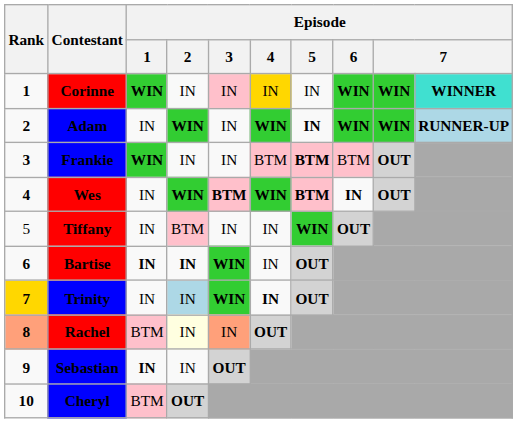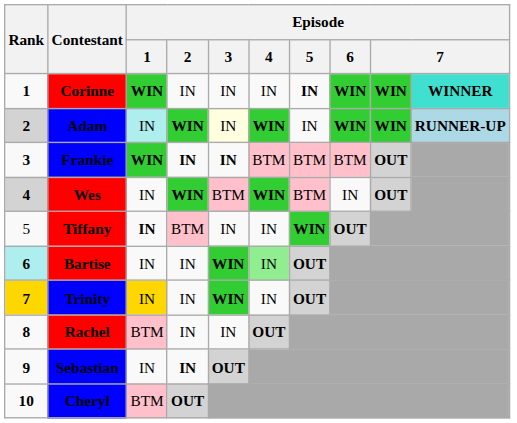 <table class="wikitable" style="text-align: center; font-size: 8.5pt; line-height:20px;">
 <tr>
 <th rowspan="2">Rank</th>
 <th rowspan="2">Contestant</th>
 <th colspan="8">Episode</th>
 </tr>
 <tr>
 <th>1</th>
 <th>2</th>
 <th>3</th>
 <th>4</th>
 <th>5</th>
 <th>6</th>
 <th colspan="2">7</th>
 </tr>
 <tr>
 <td><strong>1</strong></td>
 <td style="background:red"><span><strong>Corinne</strong></span></td>
 <td style="background:limegreen;"><strong>WIN</strong></td>
 <td>IN</td>
-<td style="background: pink;">IN</td>
-<td style="background: gold;">IN</td>
 <td>IN</td>
+<td>IN</td>
+<td><strong>IN</strong></td>
 <td style="background:limegreen;"><strong>WIN</strong></td>
 <td style="background:limegreen;"><strong>WIN</strong></td>
 <td style="background:turquoise"><strong>WINNER</strong></td>
 </tr>
 <tr>
-<td><strong>2</strong></td>
+<td style="background: lightgrey;"><strong>2</strong></td>
 <td style="background:blue"><span><strong>Adam</strong></span></td>
-<td>IN</td>
+<td style="background: paleturquoise;">IN</td>
+<td style="background:limegreen;"><strong>WIN</strong></td>
+<td style="background: lightyellow;">IN</td>
 <td style="background:limegreen;"><strong>WIN</strong></td>
 <td>IN</td>
-<td style="background:limegreen;"><strong>WIN</strong></td>
-<td><strong>IN</strong></td>
 <td style="background:limegreen;"><strong>WIN</strong></td>
 <td style="background:limegreen;"><strong>WIN</strong></td>
 <td style="background:lightblue"><strong>RUNNER-UP</strong></td>
 </tr>
 <tr>
 <td><strong>3</strong></td>
 <td style="background:blue"><span><strong>Frankie</strong></span></td>
 <td style="background:limegreen;"><strong>WIN</strong></td>
-<td>IN</td>
-<td>IN</td>
+<td><strong>IN</strong></td>
+<td><strong>IN</strong></td>
 <td style="background:pink;">BTM</td>
-<td style="background:pink;"><strong>BTM</strong></td>
+<td style="background:pink;">BTM</td>
 <td style="background:pink;">BTM</td>
 <td style="background:lightgray;"><strong>OUT</strong></td>
 <td style="background:darkgrey;"></td>
 </tr>
 <tr>
-<td><strong>4</strong></td>
+<td style="background: lightgrey;"><strong>4</strong></td>
 <td style="background:red"><span><strong>Wes</strong></span></td>
 <td>IN</td>
 <td style="background:limegreen;"><strong>WIN</strong></td>
-<td style="background:pink;"><strong>BTM</strong></td>
+<td style="background:pink;">BTM</td>
 <td style="background:limegreen;"><strong>WIN</strong></td>
-<td style="background:pink;"><strong>BTM</strong></td>
-<td><strong>IN</strong></td>
+<td style="background:pink;">BTM</td>
+<td>IN</td>
 <td style="background:lightgray;"><strong>OUT</strong></td>
 <td style="background:darkgrey;"></td>
 </tr>
 <tr>
 <td>5</td>
 <td style="background:red"><span><strong>Tiffany</strong></span></td>
-<td>IN</td>
+<td><strong>IN</strong></td>
 <td style="background:pink;">BTM</td>
 <td>IN</td>
 <td>IN</td>
 <td style="background:limegreen;"><strong>WIN</strong></td>
 <td style="background:lightgray;"><strong>OUT</strong></td>
 <td colspan="2" style="background:darkgrey;"></td>
 </tr>
 <tr>
-<td><strong>6</strong></td>
+<td style="background: paleturquoise;"><strong>6</strong></td>
 <td style="background:red"><span><strong>Bartise</strong></span></td>
-<td><strong>IN</strong></td>
-<td><strong>IN</strong></td>
+<td>IN</td>
+<td>IN</td>
+<td style="background:limegreen;"><strong>WIN</strong></td>
+<td style="background: lightgreen;">IN</td>
+<td style="background:lightgray;"><strong>OUT</strong></td>
+<td colspan="3" style="background:darkgrey;"></td>
+</tr>
+<tr>
+<td style="background: gold;"><strong>7</strong></td>
+<td style="background:blue"><span><strong>Trinity</strong></span></td>
+<td style="background: gold;">IN</td>
+<td>IN</td>
 <td style="background:limegreen;"><strong>WIN</strong></td>
 <td>IN</td>
 <td style="background:lightgray;"><strong>OUT</strong></td>
 <td colspan="3" style="background:darkgrey;"></td>
 </tr>
 <tr>
-<td style="background: gold;"><strong>7</strong></td>
-<td style="background:blue"><span><strong>Trinity</strong></span></td>
-<td>IN</td>
-<td style="background: lightblue;">IN</td>
-<td style="background:limegreen;"><strong>WIN</strong></td>
-<td><strong>IN</strong></td>
-<td style="background:lightgray;"><strong>OUT</strong></td>
-<td colspan="3" style="background:darkgrey;"></td>
-</tr>
-<tr>
-<td style="background: lightsalmon;"><strong>8</strong></td>
+<td><strong>8</strong></td>
 <td style="background:red"><span><strong>Rachel</strong></span></td>
 <td style="background:pink;">BTM</td>
-<td style="background: lightyellow;">IN</td>
-<td style="background: lightsalmon;">IN</td>
+<td>IN</td>
+<td>IN</td>
 <td style="background:lightgray;"><strong>OUT</strong></td>
 <td colspan="4" style="background:darkgrey;"></td>
 </tr>
 <tr>
 <td><strong>9</strong></td>
 <td style="background:blue"><span><strong>Sebastian</strong></span></td>
+<td>IN</td>
 <td><strong>IN</strong></td>
-<td>IN</td>
 <td style="background:lightgray;"><strong>OUT</strong></td>
 <td colspan="5" style="background:darkgrey;"></td>
 </tr>
 <tr>
 <td><strong>10</strong></td>
 <td style="background:blue"><span><strong>Cheryl</strong></span></td>
 <td style="background:pink;">BTM</td>
 <td style="background:lightgray;"><strong>OUT</strong></td>
 <td colspan="6" style="background:darkgrey;"></td>
 </tr>
 </table>
